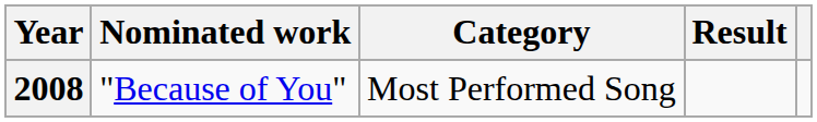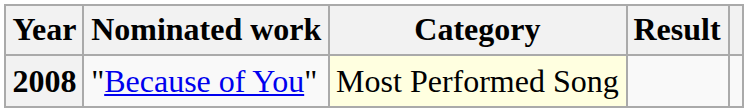 <table class="wikitable plainrowheaders">
 <tr>
 <th>Year</th>
 <th>Nominated work</th>
 <th>Category</th>
 <th>Result</th>
 <th></th>
 </tr>
 <tr>
 <th scope="row">2008</th>
 <td>"<a href='#'>Because of You</a>"</td>
-<td>Most Performed Song</td>
+<td style="background: lightyellow;">Most Performed Song</td>
 <td></td>
 <td align="center"></td>
 </tr>
 <tr>
 </tr>
 </table>
